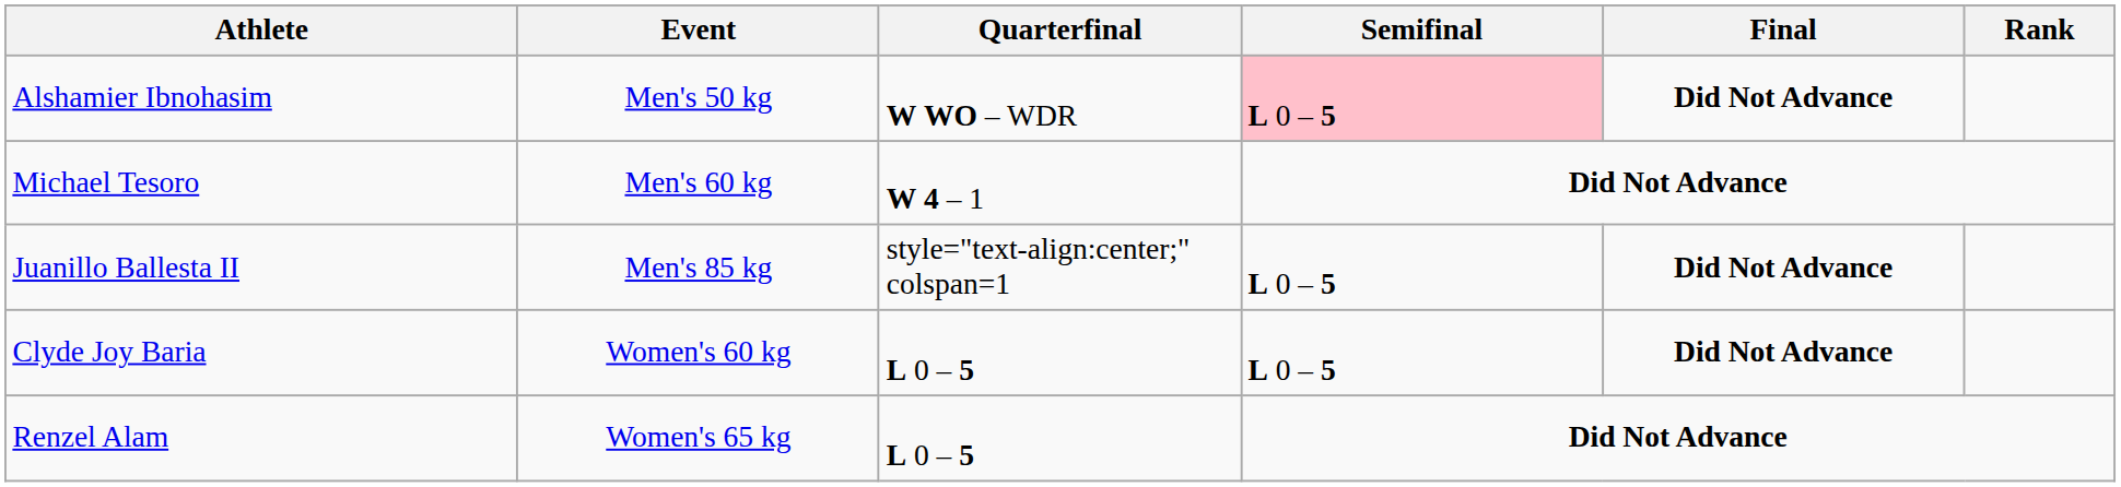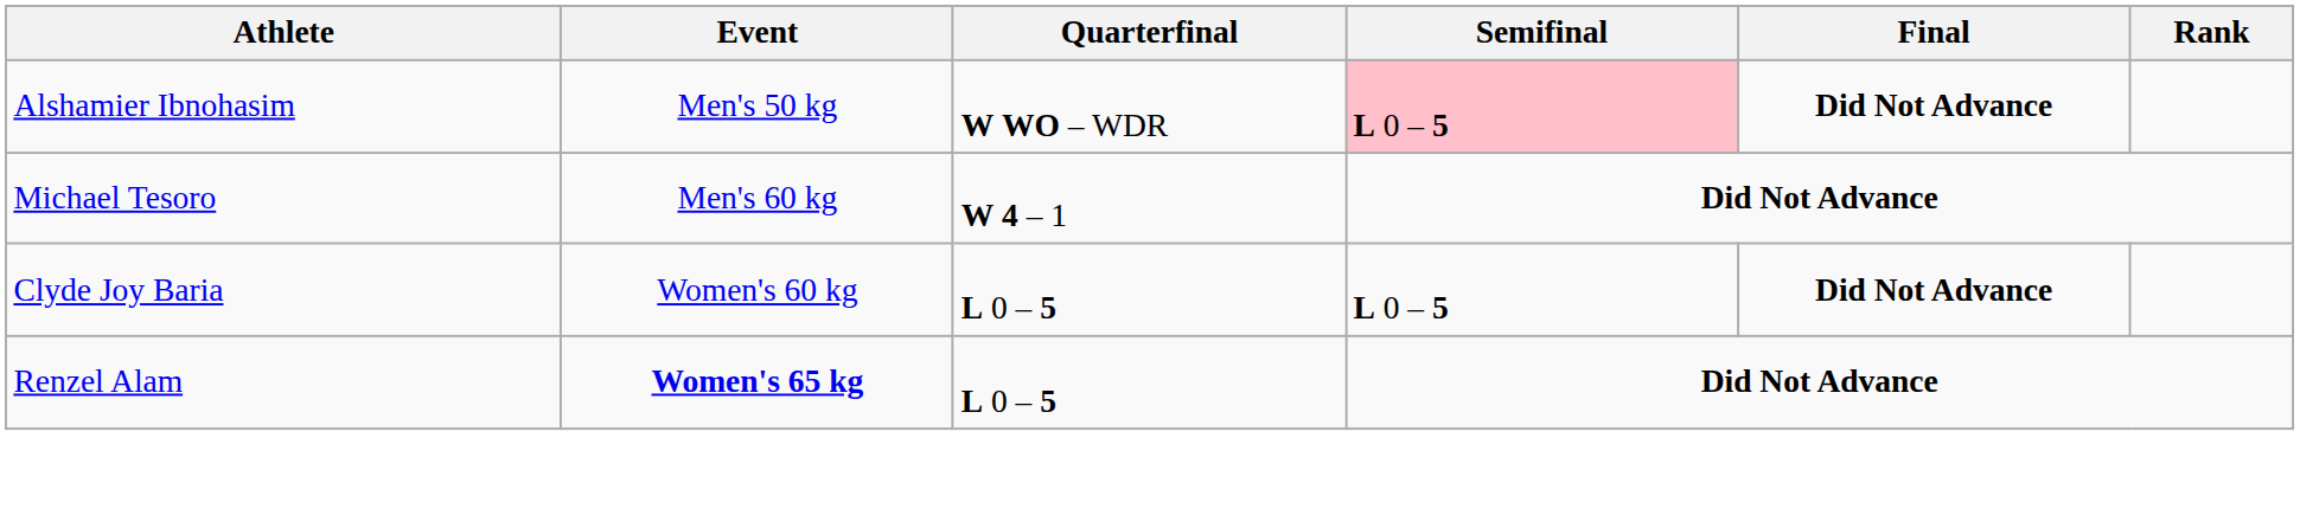 <table class="wikitable" width="80%" style="text-align:left; font-size:90%">
 <tr>
 <th width="17%">Athlete</th>
 <th width="12%">Event</th>
 <th width="12%">Quarterfinal</th>
 <th width="12%">Semifinal</th>
 <th width="12%">Final</th>
 <th width="5%">Rank</th>
 </tr>
 <tr>
 <td><a href='#'>Alshamier Ibnohasim</a></td>
 <td align=center><a href='#'>Men's 50 kg</a></td>
 <td> <br> <strong>W</strong> <strong>WO</strong> – WDR</td>
 <td style="background: pink;"> <br> <strong>L</strong> 0 – <strong>5</strong></td>
 <td align=center colspan=1><strong>Did Not Advance</strong></td>
 <td style="text-align:center;"></td>
 </tr>
 <tr>
 <td><a href='#'>Michael Tesoro</a></td>
 <td align=center><a href='#'>Men's 60 kg</a></td>
 <td> <br> <strong>W</strong> <strong>4</strong> – 1</td>
 <td align=center colspan=3><strong>Did Not Advance</strong></td>
 </tr>
 <tr>
-<td><a href='#'>Juanillo Ballesta II</a></td>
-<td align=center><a href='#'>Men's 85 kg</a></td>
-<td>style="text-align:center;"  colspan=1 </td>
-<td> <br> <strong>L</strong> 0 – <strong>5</strong></td>
-<td align=center colspan=1><strong>Did Not Advance</strong></td>
-<td style="text-align:center;"></td>
-</tr>
-<tr>
 <td><a href='#'>Clyde Joy Baria</a></td>
 <td align=center><a href='#'>Women's 60 kg</a></td>
 <td> <br> <strong>L</strong> 0 – <strong>5</strong></td>
 <td> <br> <strong>L</strong> 0 – <strong>5</strong></td>
 <td align=center colspan=1><strong>Did Not Advance</strong></td>
 <td style="text-align:center;"></td>
 </tr>
 <tr>
 <td><a href='#'>Renzel Alam</a></td>
-<td align=center><a href='#'>Women's 65 kg</a></td>
+<td align=center><strong><a href='#'>Women's 65 kg</a></strong></td>
 <td> <br> <strong>L</strong> 0 – <strong>5</strong></td>
 <td align=center colspan=3><strong>Did Not Advance</strong></td>
 </tr>
 </table>
